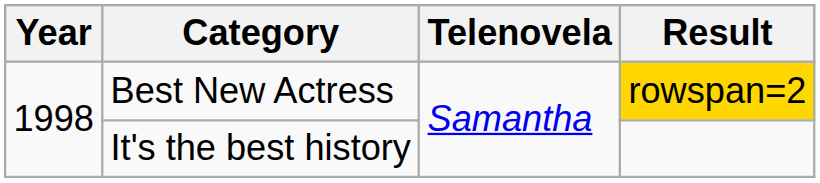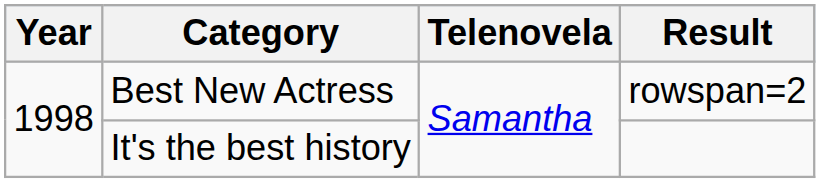 <table class="wikitable">
 <tr style="background:#b0c4de;">
 <th>Year</th>
 <th>Category</th>
 <th>Telenovela</th>
 <th>Result</th>
 </tr>
 <tr>
 <td rowspan=2>1998</td>
 <td>Best New Actress</td>
 <td rowspan=2><em><a href='#'>Samantha</a></em></td>
-<td style="background: gold;">rowspan=2 </td>
+<td>rowspan=2 </td>
 </tr>
 <tr>
 <td>It's the best history</td>
 </tr>
 </table>
